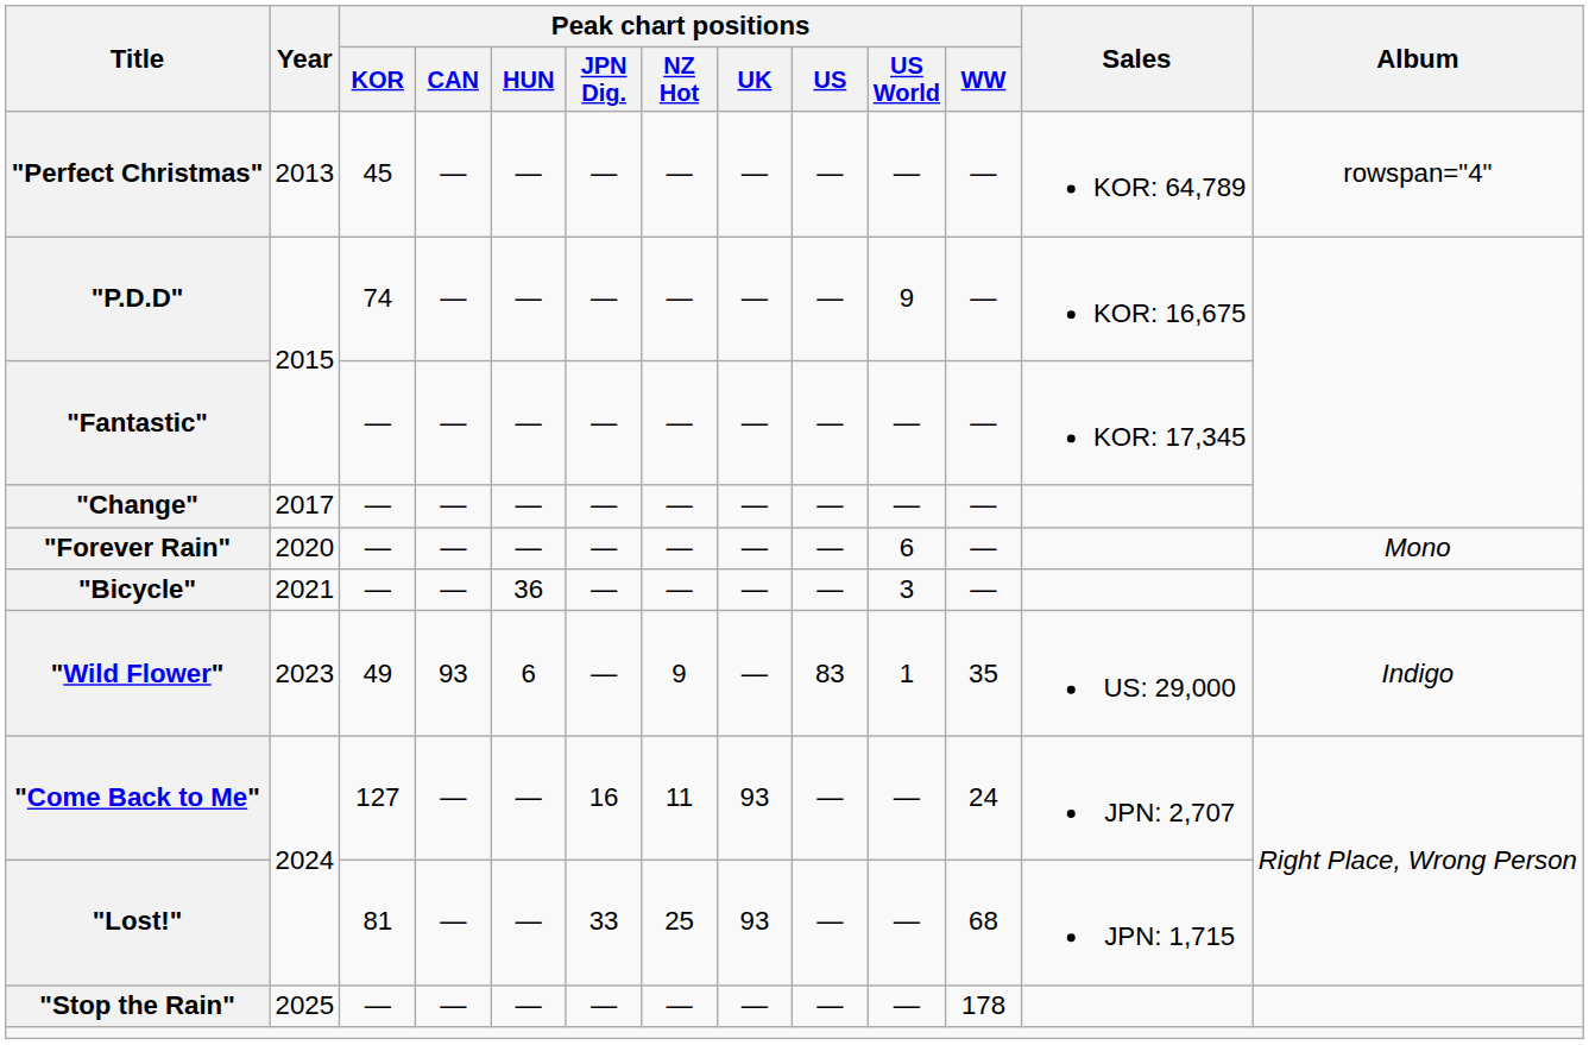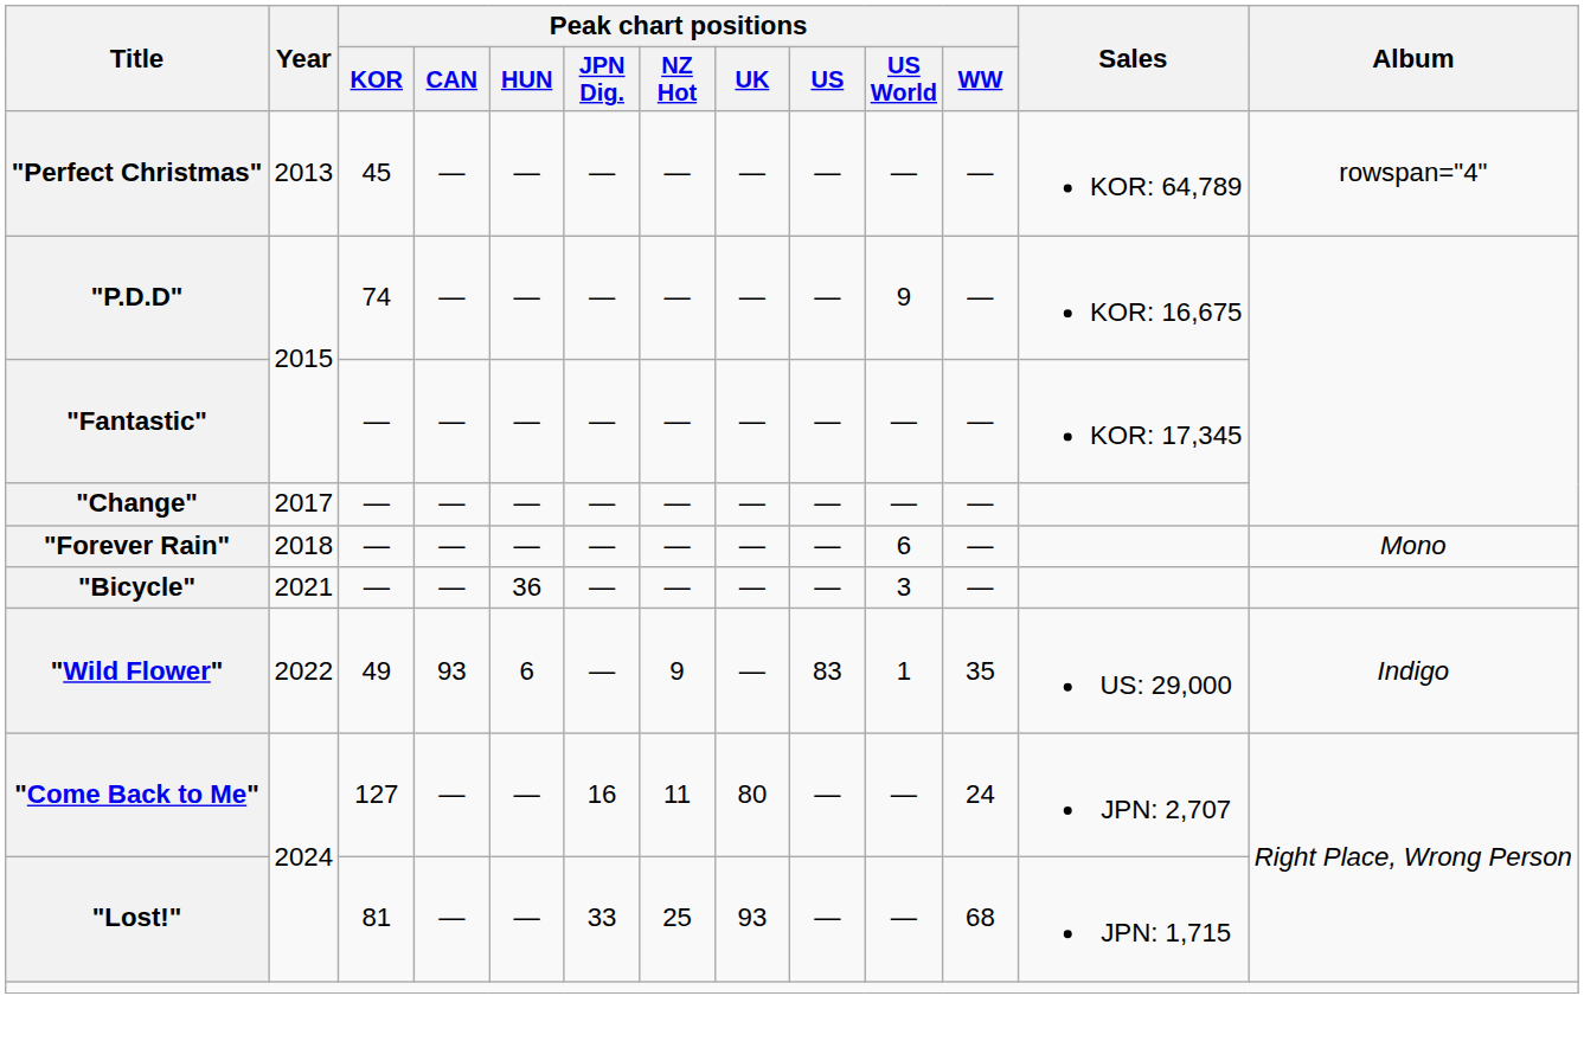 <table class="wikitable plainrowheaders" style="text-align:center;">
 <tr>
 <th scope="col" rowspan="2">Title</th>
 <th scope="col" rowspan="2">Year</th>
 <th scope="col" colspan="9">Peak chart positions</th>
 <th scope="col" rowspan="2">Sales</th>
 <th scope="col" rowspan="2">Album</th>
 </tr>
 <tr>
 <th scope="col" style="width:2.7em;font-size:90%;"><a href='#'>KOR</a><br></th>
 <th scope="col" style="width:2.7em;font-size:90%;"><a href='#'>CAN</a><br></th>
 <th scope="col" style="width:2.7em;font-size:90%;"><a href='#'>HUN</a><br></th>
 <th scope="col" style="width:2.7em;font-size:90%;"><a href='#'>JPN<br>Dig.</a><br></th>
 <th scope="col" style="width:2.7em;font-size:90%;"><a href='#'>NZ<br>Hot</a><br></th>
 <th scope="col" style="width:2.7em;font-size:90%;"><a href='#'>UK</a><br></th>
 <th scope="col" style="width:2.7em;font-size:90%;"><a href='#'>US</a><br></th>
 <th scope="col" style="width:2.7em;font-size:90%;"><a href='#'>US<br>World</a><br></th>
 <th scope="col" style="width:2.7em;font-size:90%;"><a href='#'>WW</a><br></th>
 </tr>
 <tr>
 <th scope="row">"Perfect Christmas"<br></th>
 <td>2013</td>
 <td>45</td>
 <td>—</td>
 <td>—</td>
 <td>—</td>
 <td>—</td>
 <td>—</td>
 <td>—</td>
 <td>—</td>
 <td>—</td>
 <td><br><ul><li>KOR: 64,789</li></ul></td>
 <td>rowspan="4" </td>
 </tr>
 <tr>
 <th scope="row">"P.D.D"<br></th>
 <td rowspan="2">2015</td>
 <td>74</td>
 <td>—</td>
 <td>—</td>
 <td>—</td>
 <td>—</td>
 <td>—</td>
 <td>—</td>
 <td>9</td>
 <td>—</td>
 <td><br><ul><li>KOR: 16,675</li></ul></td>
 </tr>
 <tr>
 <th scope="row">"Fantastic"<br></th>
 <td>—</td>
 <td>—</td>
 <td>—</td>
 <td>—</td>
 <td>—</td>
 <td>—</td>
 <td>—</td>
 <td>—</td>
 <td>—</td>
 <td><br><ul><li>KOR: 17,345</li></ul></td>
 </tr>
 <tr>
 <th scope="row">"Change"<br></th>
 <td>2017</td>
 <td>—</td>
 <td>—</td>
 <td>—</td>
 <td>—</td>
 <td>—</td>
 <td>—</td>
 <td>—</td>
 <td>—</td>
 <td>—</td>
 <td></td>
 </tr>
 <tr>
 <th scope="row">"Forever Rain"</th>
-<td>2020</td>
+<td>2018</td>
 <td>—</td>
 <td>—</td>
 <td>—</td>
 <td>—</td>
 <td>—</td>
 <td>—</td>
 <td>—</td>
 <td>6</td>
 <td>—</td>
 <td></td>
 <td><em>Mono</em></td>
 </tr>
 <tr>
 <th scope="row">"Bicycle"</th>
 <td>2021</td>
 <td>—</td>
 <td>—</td>
 <td>36</td>
 <td>—</td>
 <td>—</td>
 <td>—</td>
 <td>—</td>
 <td>3</td>
 <td>—</td>
 <td></td>
 <td></td>
 </tr>
 <tr>
 <th scope="row">"<a href='#'>Wild Flower</a>"<br></th>
-<td>2023</td>
+<td>2022</td>
 <td>49</td>
 <td>93</td>
 <td>6</td>
 <td>—</td>
 <td>9</td>
 <td>—</td>
 <td>83</td>
 <td>1</td>
 <td>35</td>
 <td><br><ul><li>US: 29,000</li></ul></td>
 <td><em>Indigo</em></td>
 </tr>
 <tr>
 <th scope="row">"<a href='#'>Come Back to Me</a>"</th>
 <td rowspan="2">2024</td>
 <td>127</td>
 <td>—</td>
 <td>—</td>
 <td>16</td>
 <td>11</td>
-<td>93</td>
+<td>80</td>
 <td>—</td>
 <td>—</td>
 <td>24</td>
 <td><br><ul><li>JPN: 2,707</li></ul></td>
 <td rowspan="2"><em>Right Place, Wrong Person</em></td>
 </tr>
 <tr>
 <th scope="row">"Lost!"</th>
 <td>81</td>
 <td>—</td>
 <td>—</td>
 <td>33</td>
 <td>25</td>
 <td>93</td>
 <td>—</td>
 <td>—</td>
 <td>68</td>
 <td><br><ul><li>JPN: 1,715</li></ul></td>
 </tr>
 <tr>
-<th scope="row">"Stop the Rain"<br></th>
-<td>2025</td>
-<td>—</td>
-<td>—</td>
-<td>—</td>
-<td>—</td>
-<td>—</td>
-<td>—</td>
-<td>—</td>
-<td>—</td>
-<td>178</td>
-<td></td>
-<td></td>
-</tr>
-<tr>
 <td colspan="13"></td>
 </tr>
 </table>
